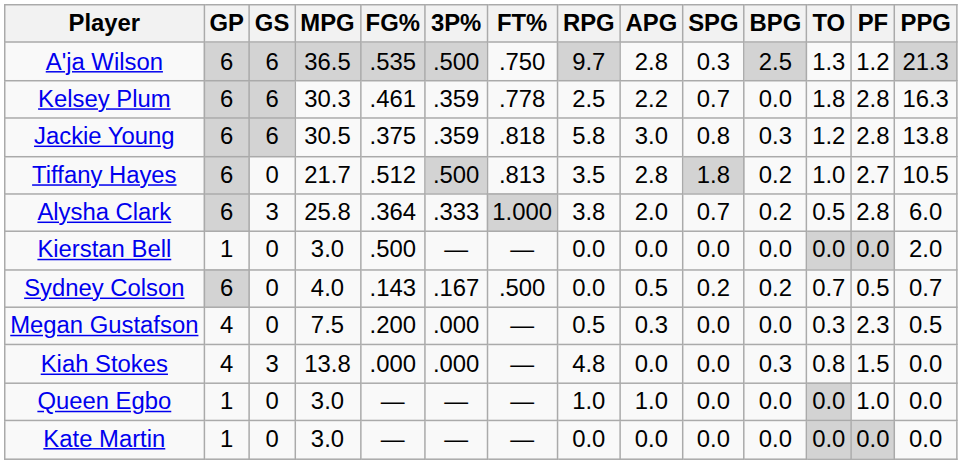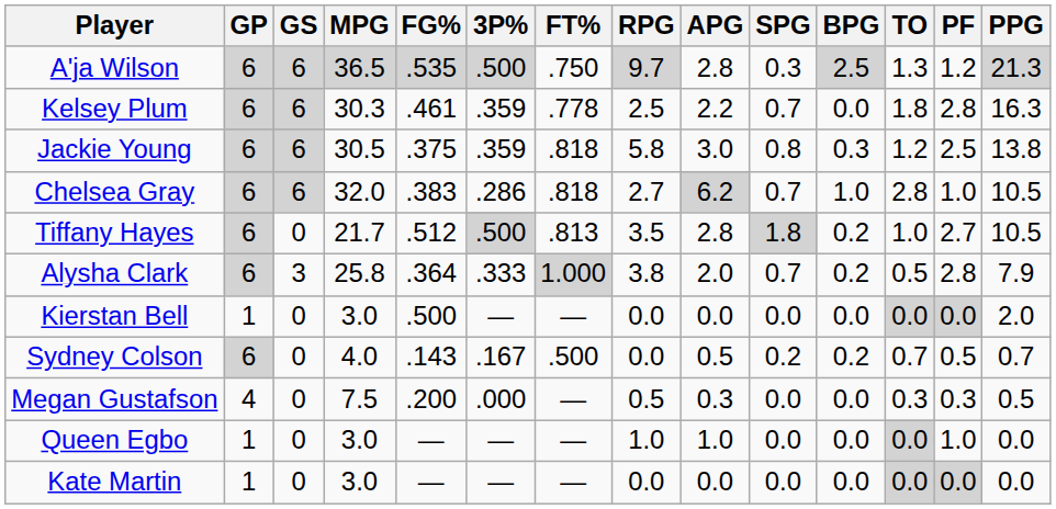 <table class="wikitable sortable" style="text-align:center;">
 <tr>
 <th>Player</th>
 <th>GP</th>
 <th>GS</th>
 <th>MPG</th>
 <th>FG%</th>
 <th>3P%</th>
 <th>FT%</th>
 <th>RPG</th>
 <th>APG</th>
 <th>SPG</th>
 <th>BPG</th>
 <th>TO</th>
 <th>PF</th>
 <th>PPG</th>
 </tr>
 <tr>
 <td><a href='#'>A'ja Wilson</a></td>
 <td style="background:#D3D3D3;">6</td>
 <td style="background:#D3D3D3;">6</td>
 <td style="background:#D3D3D3;">36.5</td>
 <td style="background:#D3D3D3;">.535</td>
 <td style="background:#D3D3D3;">.500</td>
 <td>.750</td>
 <td style="background:#D3D3D3;">9.7</td>
 <td>2.8</td>
 <td>0.3</td>
 <td style="background:#D3D3D3;">2.5</td>
 <td>1.3</td>
 <td>1.2</td>
 <td style="background:#D3D3D3;">21.3</td>
 </tr>
 <tr>
 <td><a href='#'>Kelsey Plum</a></td>
 <td style="background:#D3D3D3;">6</td>
 <td style="background:#D3D3D3;">6</td>
 <td>30.3</td>
 <td>.461</td>
 <td>.359</td>
 <td>.778</td>
 <td>2.5</td>
 <td>2.2</td>
 <td>0.7</td>
 <td>0.0</td>
 <td>1.8</td>
 <td>2.8</td>
 <td>16.3</td>
 </tr>
 <tr>
 <td><a href='#'>Jackie Young</a></td>
 <td style="background:#D3D3D3;">6</td>
 <td style="background:#D3D3D3;">6</td>
 <td>30.5</td>
 <td>.375</td>
 <td>.359</td>
 <td>.818</td>
 <td>5.8</td>
 <td>3.0</td>
 <td>0.8</td>
 <td>0.3</td>
 <td>1.2</td>
+<td>2.5</td>
+<td>13.8</td>
+</tr>
+<tr>
+<td><a href='#'>Chelsea Gray</a></td>
+<td style="background:#D3D3D3;">6</td>
+<td style="background:#D3D3D3;">6</td>
+<td>32.0</td>
+<td>.383</td>
+<td>.286</td>
+<td>.818</td>
+<td>2.7</td>
+<td style="background:#D3D3D3;">6.2</td>
+<td>0.7</td>
+<td>1.0</td>
 <td>2.8</td>
-<td>13.8</td>
+<td>1.0</td>
+<td>10.5</td>
 </tr>
 <tr>
 <td><a href='#'>Tiffany Hayes</a></td>
 <td style="background:#D3D3D3;">6</td>
 <td>0</td>
 <td>21.7</td>
 <td>.512</td>
 <td style="background:#D3D3D3;">.500</td>
 <td>.813</td>
 <td>3.5</td>
 <td>2.8</td>
 <td style="background:#D3D3D3;">1.8</td>
 <td>0.2</td>
 <td>1.0</td>
 <td>2.7</td>
 <td>10.5</td>
 </tr>
 <tr>
 <td><a href='#'>Alysha Clark</a></td>
 <td style="background:#D3D3D3;">6</td>
 <td>3</td>
 <td>25.8</td>
 <td>.364</td>
 <td>.333</td>
 <td style="background:#D3D3D3;">1.000</td>
 <td>3.8</td>
 <td>2.0</td>
 <td>0.7</td>
 <td>0.2</td>
 <td>0.5</td>
 <td>2.8</td>
-<td>6.0</td>
+<td>7.9</td>
 </tr>
 <tr>
 <td><a href='#'>Kierstan Bell</a></td>
 <td>1</td>
 <td>0</td>
 <td>3.0</td>
 <td>.500</td>
 <td>—</td>
 <td>—</td>
 <td>0.0</td>
 <td>0.0</td>
 <td>0.0</td>
 <td>0.0</td>
 <td style="background:#D3D3D3;">0.0</td>
 <td style="background:#D3D3D3;">0.0</td>
 <td>2.0</td>
 </tr>
 <tr>
 <td><a href='#'>Sydney Colson</a></td>
 <td style="background:#D3D3D3;">6</td>
 <td>0</td>
 <td>4.0</td>
 <td>.143</td>
 <td>.167</td>
 <td>.500</td>
 <td>0.0</td>
 <td>0.5</td>
 <td>0.2</td>
 <td>0.2</td>
 <td>0.7</td>
 <td>0.5</td>
 <td>0.7</td>
 </tr>
 <tr>
 <td><a href='#'>Megan Gustafson</a></td>
 <td>4</td>
 <td>0</td>
 <td>7.5</td>
 <td>.200</td>
 <td>.000</td>
 <td>—</td>
 <td>0.5</td>
 <td>0.3</td>
 <td>0.0</td>
 <td>0.0</td>
 <td>0.3</td>
-<td>2.3</td>
+<td>0.3</td>
 <td>0.5</td>
-</tr>
-<tr>
-<td><a href='#'>Kiah Stokes</a></td>
-<td>4</td>
-<td>3</td>
-<td>13.8</td>
-<td>.000</td>
-<td>.000</td>
-<td>—</td>
-<td>4.8</td>
-<td>0.0</td>
-<td>0.0</td>
-<td>0.3</td>
-<td>0.8</td>
-<td>1.5</td>
-<td>0.0</td>
 </tr>
 <tr>
 <td><a href='#'>Queen Egbo</a></td>
 <td>1</td>
 <td>0</td>
 <td>3.0</td>
 <td>—</td>
 <td>—</td>
 <td>—</td>
 <td>1.0</td>
 <td>1.0</td>
 <td>0.0</td>
 <td>0.0</td>
 <td style="background:#D3D3D3;">0.0</td>
 <td>1.0</td>
 <td>0.0</td>
 </tr>
 <tr>
 <td><a href='#'>Kate Martin</a></td>
 <td>1</td>
 <td>0</td>
 <td>3.0</td>
 <td>—</td>
 <td>—</td>
 <td>—</td>
 <td>0.0</td>
 <td>0.0</td>
 <td>0.0</td>
 <td>0.0</td>
 <td style="background:#D3D3D3;">0.0</td>
 <td style="background:#D3D3D3;">0.0</td>
 <td>0.0</td>
 </tr>
 </table>
